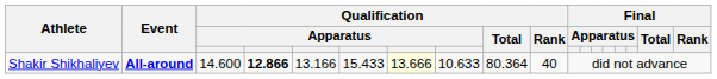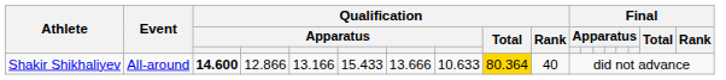 <table class="wikitable" style="font-size:90%">
 <tr>
 <th rowspan=3>Athlete</th>
 <th rowspan=3>Event</th>
 <th colspan =8>Qualification</th>
 <th colspan =8>Final</th>
 </tr>
 <tr style="font-size:95%">
 <th colspan=6>Apparatus</th>
 <th rowspan=2>Total</th>
 <th rowspan=2>Rank</th>
 <th colspan=6>Apparatus</th>
 <th rowspan=2>Total</th>
 <th rowspan=2>Rank</th>
 </tr>
 <tr style="font-size:95%">
 <th></th>
 <th></th>
 <th></th>
 <th></th>
 <th></th>
 <th></th>
 <th></th>
 <th></th>
 <th></th>
 <th></th>
 <th></th>
 <th></th>
 </tr>
 <tr align=center>
 <td align=left><a href='#'>Shakir Shikhaliyev</a></td>
-<td align=left><strong><a href='#'>All-around</a></strong></td>
-<td>14.600</td>
-<td><strong>12.866</strong></td>
+<td align=left><a href='#'>All-around</a></td>
+<td><strong>14.600</strong></td>
+<td>12.866</td>
 <td>13.166</td>
 <td>15.433</td>
-<td style="background: lightyellow;">13.666</td>
+<td>13.666</td>
 <td>10.633</td>
-<td>80.364</td>
+<td style="background: gold;">80.364</td>
 <td>40</td>
 <td colspan=8>did not advance</td>
 </tr>
 </table>
